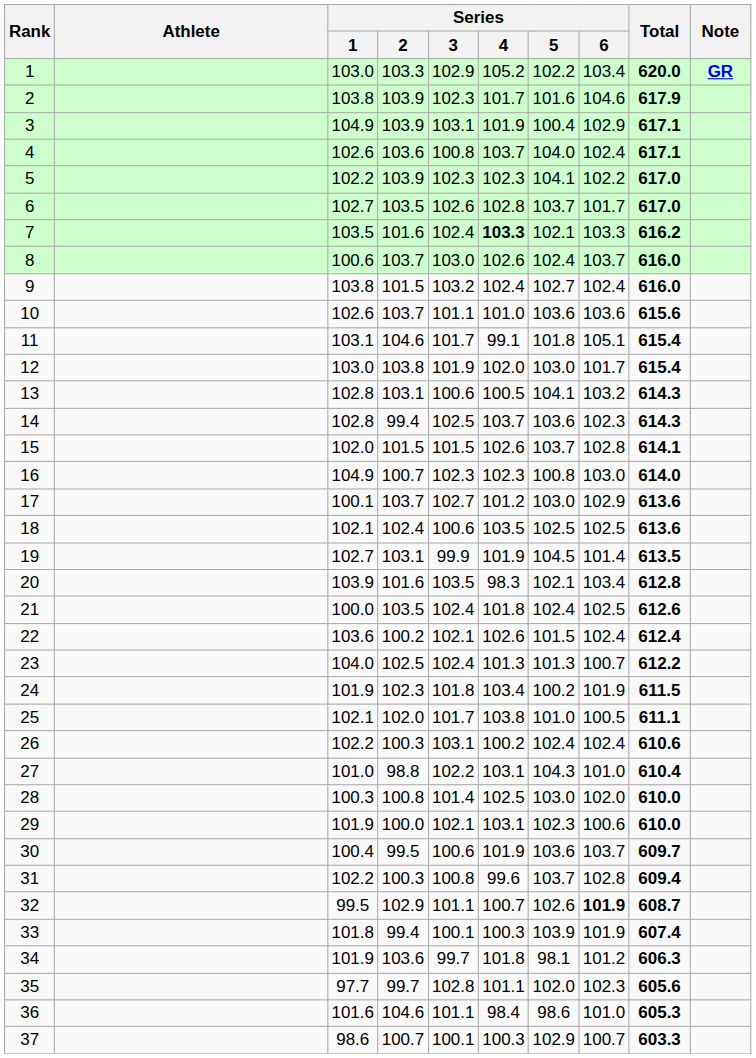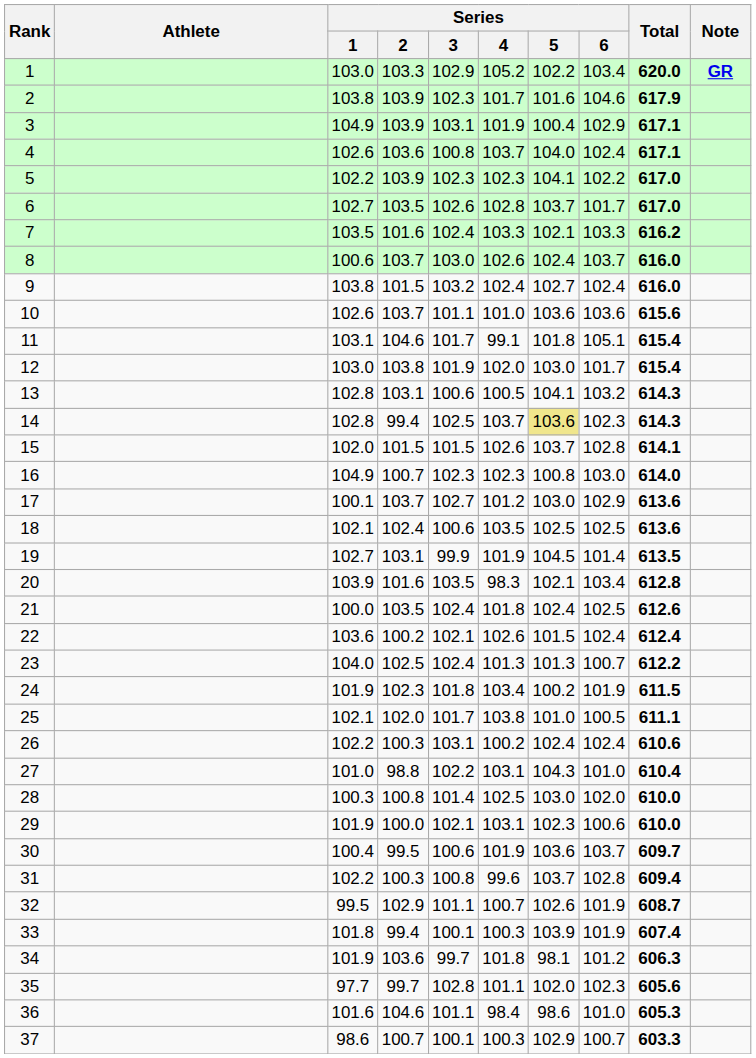 <table class="wikitable" style="text-align:center">
 <tr>
 <th rowspan=2 width=40>Rank</th>
 <th rowspan=2 width=250>Athlete</th>
 <th colspan=6>Series</th>
 <th rowspan=2 width=50>Total</th>
 <th rowspan=2 width=50>Note</th>
 </tr>
 <tr>
 <th width=30>1</th>
 <th width=30>2</th>
 <th width=30>3</th>
 <th width=30>4</th>
 <th width=30>5</th>
 <th width=30>6</th>
 </tr>
 <tr bgcolor=ccffcc>
 <td>1</td>
 <td align=left></td>
 <td>103.0</td>
 <td>103.3</td>
 <td>102.9</td>
 <td>105.2</td>
 <td>102.2</td>
 <td>103.4</td>
 <td><strong>620.0</strong></td>
 <td><strong><a href='#'>GR</a></strong></td>
 </tr>
 <tr bgcolor=ccffcc>
 <td>2</td>
 <td align=left></td>
 <td>103.8</td>
 <td>103.9</td>
 <td>102.3</td>
 <td>101.7</td>
 <td>101.6</td>
 <td>104.6</td>
 <td><strong>617.9</strong></td>
 <td></td>
 </tr>
 <tr bgcolor=ccffcc>
 <td>3</td>
 <td align=left></td>
 <td>104.9</td>
 <td>103.9</td>
 <td>103.1</td>
 <td>101.9</td>
 <td>100.4</td>
 <td>102.9</td>
 <td><strong>617.1</strong></td>
 <td></td>
 </tr>
 <tr bgcolor=ccffcc>
 <td>4</td>
 <td align=left></td>
 <td>102.6</td>
 <td>103.6</td>
 <td>100.8</td>
 <td>103.7</td>
 <td>104.0</td>
 <td>102.4</td>
 <td><strong>617.1</strong></td>
 <td></td>
 </tr>
 <tr bgcolor=ccffcc>
 <td>5</td>
 <td align=left></td>
 <td>102.2</td>
 <td>103.9</td>
 <td>102.3</td>
 <td>102.3</td>
 <td>104.1</td>
 <td>102.2</td>
 <td><strong>617.0</strong></td>
 <td></td>
 </tr>
 <tr bgcolor=ccffcc>
 <td>6</td>
 <td align=left></td>
 <td>102.7</td>
 <td>103.5</td>
 <td>102.6</td>
 <td>102.8</td>
 <td>103.7</td>
 <td>101.7</td>
 <td><strong>617.0</strong></td>
 <td></td>
 </tr>
 <tr bgcolor=ccffcc>
 <td>7</td>
 <td align=left></td>
 <td>103.5</td>
 <td>101.6</td>
 <td>102.4</td>
-<td><strong>103.3</strong></td>
+<td>103.3</td>
 <td>102.1</td>
 <td>103.3</td>
 <td><strong>616.2</strong></td>
 <td></td>
 </tr>
 <tr bgcolor=ccffcc>
 <td>8</td>
 <td align=left></td>
 <td>100.6</td>
 <td>103.7</td>
 <td>103.0</td>
 <td>102.6</td>
 <td>102.4</td>
 <td>103.7</td>
 <td><strong>616.0</strong></td>
 <td></td>
 </tr>
 <tr>
 <td>9</td>
 <td align=left></td>
 <td>103.8</td>
 <td>101.5</td>
 <td>103.2</td>
 <td>102.4</td>
 <td>102.7</td>
 <td>102.4</td>
 <td><strong>616.0</strong></td>
 <td></td>
 </tr>
 <tr>
 <td>10</td>
 <td align=left></td>
 <td>102.6</td>
 <td>103.7</td>
 <td>101.1</td>
 <td>101.0</td>
 <td>103.6</td>
 <td>103.6</td>
 <td><strong>615.6</strong></td>
 <td></td>
 </tr>
 <tr>
 <td>11</td>
 <td align=left></td>
 <td>103.1</td>
 <td>104.6</td>
 <td>101.7</td>
 <td>99.1</td>
 <td>101.8</td>
 <td>105.1</td>
 <td><strong>615.4</strong></td>
 <td></td>
 </tr>
 <tr>
 <td>12</td>
 <td align=left></td>
 <td>103.0</td>
 <td>103.8</td>
 <td>101.9</td>
 <td>102.0</td>
 <td>103.0</td>
 <td>101.7</td>
 <td><strong>615.4</strong></td>
 <td></td>
 </tr>
 <tr>
 <td>13</td>
 <td align=left></td>
 <td>102.8</td>
 <td>103.1</td>
 <td>100.6</td>
 <td>100.5</td>
 <td>104.1</td>
 <td>103.2</td>
 <td><strong>614.3</strong></td>
 <td></td>
 </tr>
 <tr>
 <td>14</td>
 <td align=left></td>
 <td>102.8</td>
 <td>99.4</td>
 <td>102.5</td>
 <td>103.7</td>
-<td>103.6</td>
+<td style="background: khaki;">103.6</td>
 <td>102.3</td>
 <td><strong>614.3</strong></td>
 <td></td>
 </tr>
 <tr>
 <td>15</td>
 <td align=left></td>
 <td>102.0</td>
 <td>101.5</td>
 <td>101.5</td>
 <td>102.6</td>
 <td>103.7</td>
 <td>102.8</td>
 <td><strong>614.1</strong></td>
 <td></td>
 </tr>
 <tr>
 <td>16</td>
 <td align=left></td>
 <td>104.9</td>
 <td>100.7</td>
 <td>102.3</td>
 <td>102.3</td>
 <td>100.8</td>
 <td>103.0</td>
 <td><strong>614.0</strong></td>
 <td></td>
 </tr>
 <tr>
 <td>17</td>
 <td align=left></td>
 <td>100.1</td>
 <td>103.7</td>
 <td>102.7</td>
 <td>101.2</td>
 <td>103.0</td>
 <td>102.9</td>
 <td><strong>613.6</strong></td>
 <td></td>
 </tr>
 <tr>
 <td>18</td>
 <td align=left></td>
 <td>102.1</td>
 <td>102.4</td>
 <td>100.6</td>
 <td>103.5</td>
 <td>102.5</td>
 <td>102.5</td>
 <td><strong>613.6</strong></td>
 <td></td>
 </tr>
 <tr>
 <td>19</td>
 <td align=left></td>
 <td>102.7</td>
 <td>103.1</td>
 <td>99.9</td>
 <td>101.9</td>
 <td>104.5</td>
 <td>101.4</td>
 <td><strong>613.5</strong></td>
 <td></td>
 </tr>
 <tr>
 <td>20</td>
 <td align=left></td>
 <td>103.9</td>
 <td>101.6</td>
 <td>103.5</td>
 <td>98.3</td>
 <td>102.1</td>
 <td>103.4</td>
 <td><strong>612.8</strong></td>
 <td></td>
 </tr>
 <tr>
 <td>21</td>
 <td align=left></td>
 <td>100.0</td>
 <td>103.5</td>
 <td>102.4</td>
 <td>101.8</td>
 <td>102.4</td>
 <td>102.5</td>
 <td><strong>612.6</strong></td>
 <td></td>
 </tr>
 <tr>
 <td>22</td>
 <td align=left></td>
 <td>103.6</td>
 <td>100.2</td>
 <td>102.1</td>
 <td>102.6</td>
 <td>101.5</td>
 <td>102.4</td>
 <td><strong>612.4</strong></td>
 <td></td>
 </tr>
 <tr>
 <td>23</td>
 <td align=left></td>
 <td>104.0</td>
 <td>102.5</td>
 <td>102.4</td>
 <td>101.3</td>
 <td>101.3</td>
 <td>100.7</td>
 <td><strong>612.2</strong></td>
 <td></td>
 </tr>
 <tr>
 <td>24</td>
 <td align=left></td>
 <td>101.9</td>
 <td>102.3</td>
 <td>101.8</td>
 <td>103.4</td>
 <td>100.2</td>
 <td>101.9</td>
 <td><strong>611.5</strong></td>
 <td></td>
 </tr>
 <tr>
 <td>25</td>
 <td align=left></td>
 <td>102.1</td>
 <td>102.0</td>
 <td>101.7</td>
 <td>103.8</td>
 <td>101.0</td>
 <td>100.5</td>
 <td><strong>611.1</strong></td>
 <td></td>
 </tr>
 <tr>
 <td>26</td>
 <td align=left></td>
 <td>102.2</td>
 <td>100.3</td>
 <td>103.1</td>
 <td>100.2</td>
 <td>102.4</td>
 <td>102.4</td>
 <td><strong>610.6</strong></td>
 <td></td>
 </tr>
 <tr>
 <td>27</td>
 <td align=left></td>
 <td>101.0</td>
 <td>98.8</td>
 <td>102.2</td>
 <td>103.1</td>
 <td>104.3</td>
 <td>101.0</td>
 <td><strong>610.4</strong></td>
 <td></td>
 </tr>
 <tr>
 <td>28</td>
 <td align=left></td>
 <td>100.3</td>
 <td>100.8</td>
 <td>101.4</td>
 <td>102.5</td>
 <td>103.0</td>
 <td>102.0</td>
 <td><strong>610.0</strong></td>
 <td></td>
 </tr>
 <tr>
 <td>29</td>
 <td align=left></td>
 <td>101.9</td>
 <td>100.0</td>
 <td>102.1</td>
 <td>103.1</td>
 <td>102.3</td>
 <td>100.6</td>
 <td><strong>610.0</strong></td>
 <td></td>
 </tr>
 <tr>
 <td>30</td>
 <td align=left></td>
 <td>100.4</td>
 <td>99.5</td>
 <td>100.6</td>
 <td>101.9</td>
 <td>103.6</td>
 <td>103.7</td>
 <td><strong>609.7</strong></td>
 <td></td>
 </tr>
 <tr>
 <td>31</td>
 <td align=left></td>
 <td>102.2</td>
 <td>100.3</td>
 <td>100.8</td>
 <td>99.6</td>
 <td>103.7</td>
 <td>102.8</td>
 <td><strong>609.4</strong></td>
 <td></td>
 </tr>
 <tr>
 <td>32</td>
 <td align=left></td>
 <td>99.5</td>
 <td>102.9</td>
 <td>101.1</td>
 <td>100.7</td>
 <td>102.6</td>
-<td><strong>101.9</strong></td>
+<td>101.9</td>
 <td><strong>608.7</strong></td>
 <td></td>
 </tr>
 <tr>
 <td>33</td>
 <td align=left></td>
 <td>101.8</td>
 <td>99.4</td>
 <td>100.1</td>
 <td>100.3</td>
 <td>103.9</td>
 <td>101.9</td>
 <td><strong>607.4</strong></td>
 <td></td>
 </tr>
 <tr>
 <td>34</td>
 <td align=left></td>
 <td>101.9</td>
 <td>103.6</td>
 <td>99.7</td>
 <td>101.8</td>
 <td>98.1</td>
 <td>101.2</td>
 <td><strong>606.3</strong></td>
 <td></td>
 </tr>
 <tr>
 <td>35</td>
 <td align=left></td>
 <td>97.7</td>
 <td>99.7</td>
 <td>102.8</td>
 <td>101.1</td>
 <td>102.0</td>
 <td>102.3</td>
 <td><strong>605.6</strong></td>
 <td></td>
 </tr>
 <tr>
 <td>36</td>
 <td align=left></td>
 <td>101.6</td>
 <td>104.6</td>
 <td>101.1</td>
 <td>98.4</td>
 <td>98.6</td>
 <td>101.0</td>
 <td><strong>605.3</strong></td>
 <td></td>
 </tr>
 <tr>
 <td>37</td>
 <td align=left></td>
 <td>98.6</td>
 <td>100.7</td>
 <td>100.1</td>
 <td>100.3</td>
 <td>102.9</td>
 <td>100.7</td>
 <td><strong>603.3</strong></td>
 <td></td>
 </tr>
 </table>
